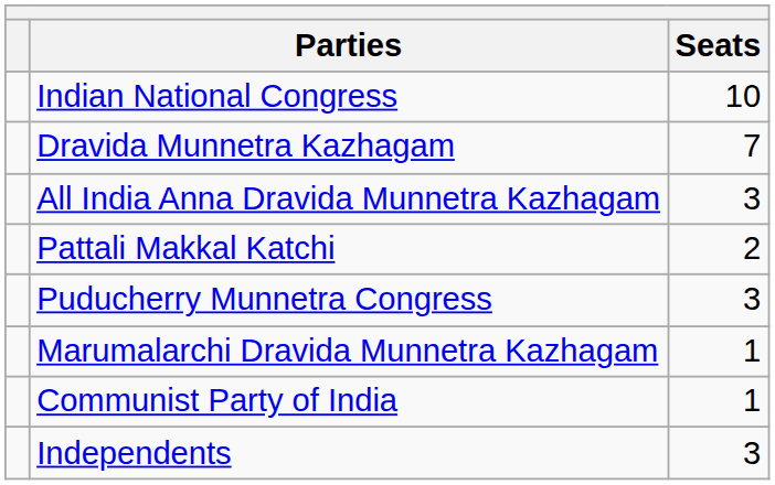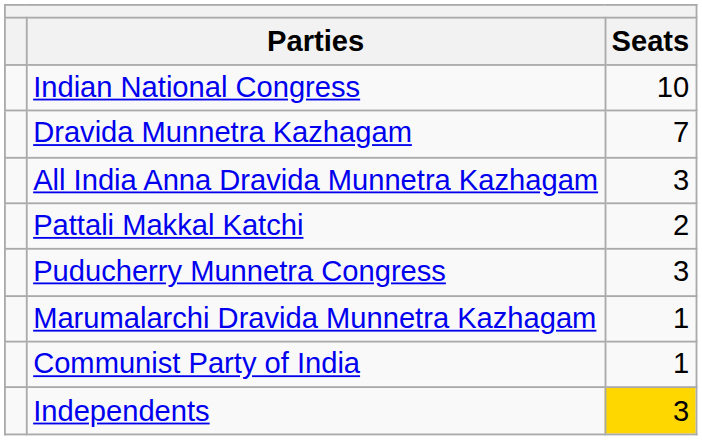 <table class="wikitable Sortable" border="2">
 <tr>
 <th colspan=10></th>
 </tr>
 <tr valign="top">
 <th></th>
 <th>Parties</th>
 <th>Seats</th>
 </tr>
 <tr>
 <td style="background-color:"> </td>
 <td style="text-align:left;"><a href='#'>Indian National Congress</a></td>
 <td align="right">10</td>
 </tr>
 <tr>
 <td style="background-color:"> </td>
 <td style="text-align:left;"><a href='#'>Dravida Munnetra Kazhagam</a></td>
 <td align="right">7</td>
 </tr>
 <tr>
 <td style="background-color:"> </td>
 <td style="text-align:left;"><a href='#'>All India Anna Dravida Munnetra Kazhagam</a></td>
 <td align="right">3</td>
 </tr>
 <tr>
 <td style="background-color:"> </td>
 <td style="text-align:left;"><a href='#'>Pattali Makkal Katchi</a></td>
 <td align="right">2</td>
 </tr>
 <tr>
 <td style="background-color:"> </td>
 <td style="text-align:left;"><a href='#'>Puducherry Munnetra Congress</a></td>
 <td align="right">3</td>
 </tr>
 <tr>
 <td style="background-color:"> </td>
 <td style="text-align:left;"><a href='#'>Marumalarchi Dravida Munnetra Kazhagam</a></td>
 <td align="right">1</td>
 </tr>
 <tr>
 <td style="background-color:"> </td>
 <td style="text-align:left;"><a href='#'>Communist Party of India</a></td>
 <td align="right">1</td>
 </tr>
 <tr>
 <td style="background-color:"> </td>
 <td style="text-align:left;"><a href='#'>Independents</a></td>
-<td align="right">3</td>
+<td align="right" style="background: gold;">3</td>
 </tr>
 </table>
